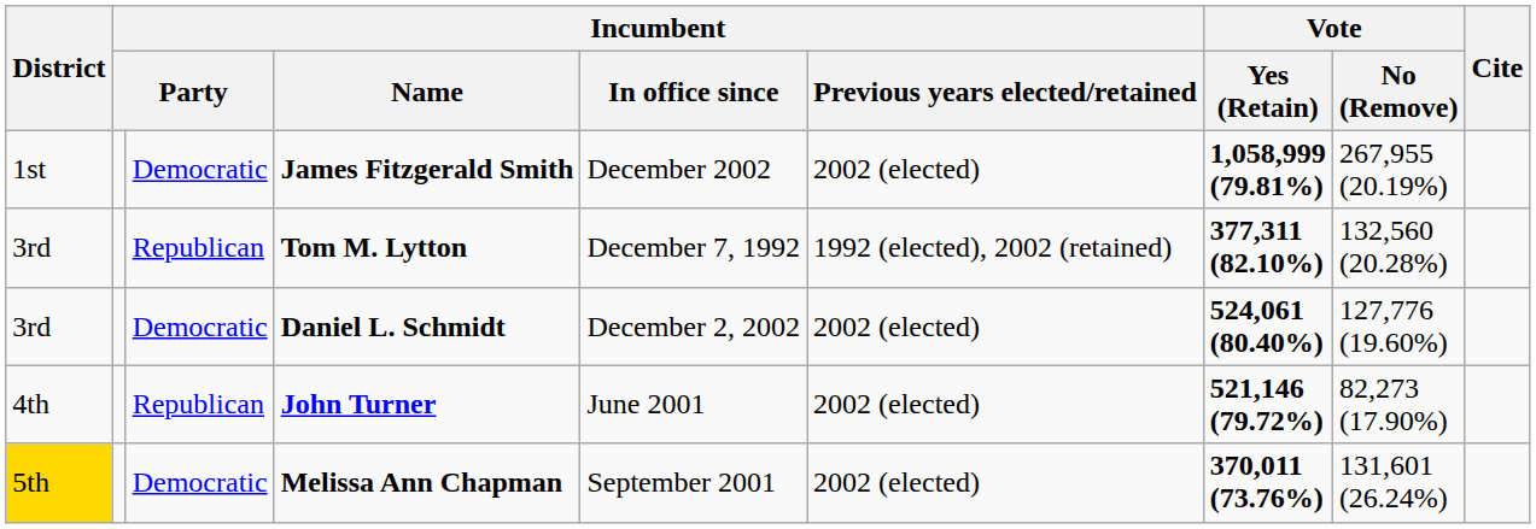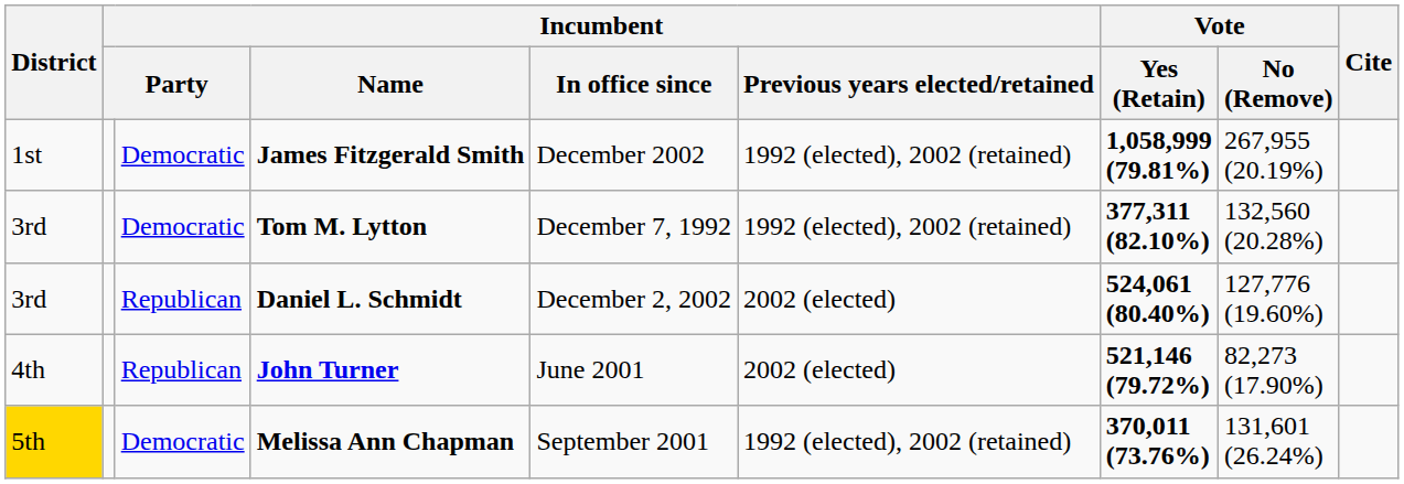 <table class="wikitable">
 <tr>
 <th rowspan =2>District</th>
 <th colspan=5>Incumbent</th>
 <th colspan="2">Vote</th>
 <th rowspan =2>Cite</th>
 </tr>
 <tr>
 <th colspan="2">Party</th>
 <th>Name</th>
 <th>In office since</th>
 <th>Previous years elected/retained</th>
 <th>Yes<br>(Retain)</th>
 <th>No<br>(Remove)</th>
 </tr>
 <tr>
 <td>1st</td>
 <td style="background-color:"></td>
 <td><a href='#'>Democratic</a></td>
 <td><strong>James Fitzgerald Smith</strong></td>
 <td>December 2002</td>
-<td>2002 (elected)</td>
+<td>1992 (elected), 2002 (retained)</td>
 <td><strong>1,058,999<br>(79.81%)</strong></td>
 <td>267,955<br>(20.19%)</td>
 <td></td>
 </tr>
 <tr>
 <td>3rd</td>
 <td style="background-color:"></td>
-<td><a href='#'>Republican</a></td>
+<td><a href='#'>Democratic</a></td>
 <td><strong>Tom M. Lytton</strong></td>
 <td>December 7, 1992</td>
 <td>1992 (elected), 2002 (retained)</td>
 <td><strong>377,311<br>(82.10%)</strong></td>
 <td>132,560<br>(20.28%)</td>
 <td></td>
 </tr>
 <tr>
 <td>3rd</td>
 <td style="background-color:"></td>
-<td><a href='#'>Democratic</a></td>
+<td><a href='#'>Republican</a></td>
 <td><strong>Daniel L. Schmidt</strong></td>
 <td>December 2, 2002</td>
 <td>2002 (elected)</td>
 <td><strong>524,061<br>(80.40%)</strong></td>
 <td>127,776 <br>(19.60%)</td>
 <td></td>
 </tr>
 <tr>
 <td>4th</td>
 <td style="background-color:"></td>
 <td><a href='#'>Republican</a></td>
 <td><strong><a href='#'>John Turner</a></strong></td>
 <td>June 2001</td>
 <td>2002 (elected)</td>
 <td><strong>521,146 <br>(79.72%)</strong></td>
 <td>82,273<br>(17.90%)</td>
 <td></td>
 </tr>
 <tr>
 <td style="background: gold;">5th</td>
 <td style="background-color:"></td>
 <td><a href='#'>Democratic</a></td>
 <td><strong>Melissa Ann Chapman</strong></td>
 <td>September 2001</td>
-<td>2002 (elected)</td>
+<td>1992 (elected), 2002 (retained)</td>
 <td><strong>370,011<br>(73.76%)</strong></td>
 <td>131,601<br>(26.24%)</td>
 <td></td>
 </tr>
 </table>
